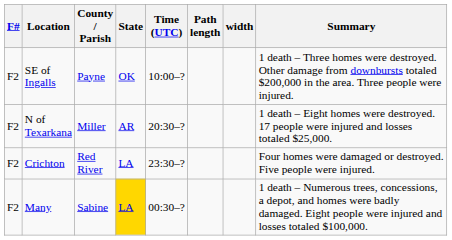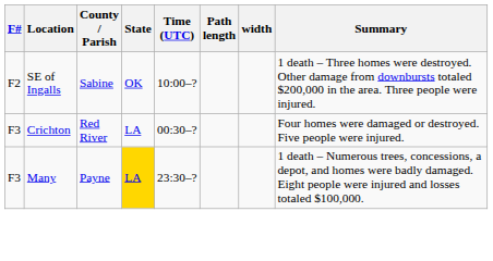 <table class="wikitable sortable" style="width:100%;">
 <tr>
 <th scope="col"  style="width:3%; text-align:center;"><a href='#'>F#</a></th>
 <th scope="col"  style="width:7%; text-align:center;" class="unsortable">Location</th>
 <th scope="col"  style="width:6%; text-align:center;" class="unsortable">County / Parish</th>
 <th scope="col"  style="width:5%; text-align:center;">State</th>
 <th scope="col"  style="width:6%; text-align:center;">Time (<a href='#'>UTC</a>)</th>
 <th scope="col"  style="width:6%; text-align:center;">Path length</th>
 <th scope="col"  style="width:6%; text-align:center;"> width</th>
 <th scope="col" class="unsortable" style="width:48%; text-align:center;">Summary</th>
 </tr>
 <tr>
 <td>F2</td>
 <td>SE of <a href='#'>Ingalls</a></td>
-<td><a href='#'>Payne</a></td>
+<td><a href='#'>Sabine</a></td>
 <td><a href='#'>OK</a></td>
 <td>10:00–?</td>
 <td></td>
 <td></td>
 <td>1 death – Three homes were destroyed. Other damage from <a href='#'>downbursts</a> totaled $200,000 in the area. Three people were injured.</td>
 </tr>
 <tr>
-<td>F2</td>
-<td>N of <a href='#'>Texarkana</a></td>
-<td><a href='#'>Miller</a></td>
-<td><a href='#'>AR</a></td>
-<td>20:30–?</td>
-<td></td>
-<td></td>
-<td>1 death – Eight homes were destroyed. 17 people were injured and losses totaled $25,000.</td>
-</tr>
-<tr>
-<td>F2</td>
+<td>F3</td>
 <td><a href='#'>Crichton</a></td>
 <td><a href='#'>Red River</a></td>
 <td><a href='#'>LA</a></td>
-<td>23:30–?</td>
+<td>00:30–?</td>
 <td></td>
 <td></td>
 <td>Four homes were damaged or destroyed. Five people were injured.</td>
 </tr>
 <tr>
-<td>F2</td>
+<td>F3</td>
 <td><a href='#'>Many</a></td>
-<td><a href='#'>Sabine</a></td>
+<td><a href='#'>Payne</a></td>
 <td style="background: gold;"><a href='#'>LA</a></td>
-<td>00:30–?</td>
+<td>23:30–?</td>
 <td></td>
 <td></td>
 <td>1 death – Numerous trees, concessions, a depot, and homes were badly damaged. Eight people were injured and losses totaled $100,000.</td>
 </tr>
 </table>
